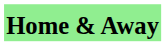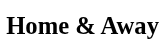 <table style="margin-left:auto; margin-right:auto; border:none">
 <tr>
 <td rowspan="2"></td>
 <td rowspan="2"></td>
 <td rowspan="2"></td>
 <td rowspan="2"></td>
 <td></td>
 </tr>
 <tr>
-<td style="background: lightgreen; text-align:center;"><strong>Home & Away<sup></sup></strong></td>
+<td style="text-align:center;"><strong>Home & Away<sup></sup></strong></td>
 </tr>
 </table>
